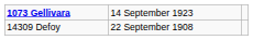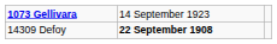 <table class="wikitable" style="font-size: 89%; float: left; width: 26em; margin-right: 1em">
 <tr>
 <td><strong><a href='#'>1073 Gellivara</a></strong></td>
 <td>14 September 1923</td>
 <td></td>
 </tr>
 <tr>
 <td>14309 Defoy</td>
-<td>22 September 1908</td>
+<td><strong>22 September 1908</strong></td>
 <td></td>
 </tr>
 </table>
